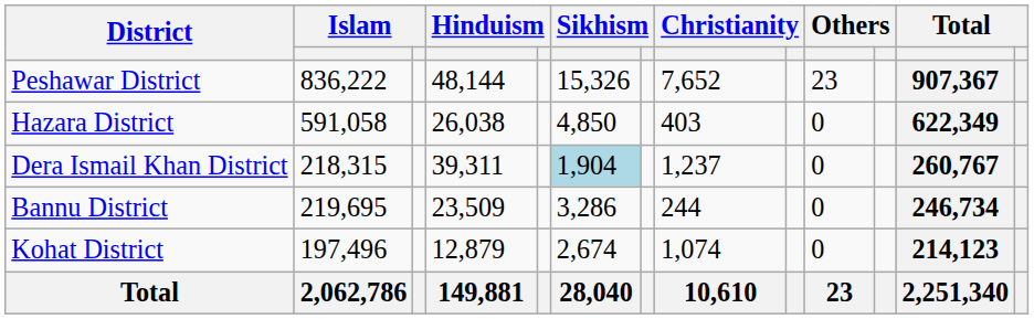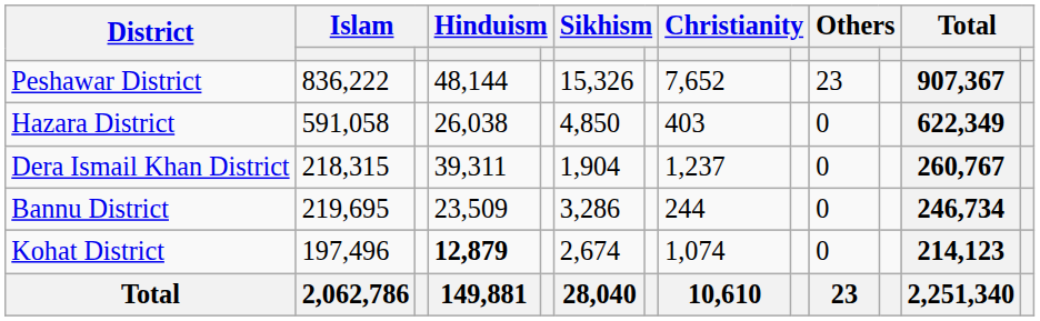 <table class="wikitable sortable">
 <tr>
 <th rowspan="2"><a href='#'>District</a></th>
 <th colspan="2"><a href='#'>Islam</a> </th>
 <th colspan="2"><a href='#'>Hinduism</a> </th>
 <th colspan="2"><a href='#'>Sikhism</a> </th>
 <th colspan="2"><a href='#'>Christianity</a> </th>
 <th colspan="2">Others</th>
 <th colspan="2">Total</th>
 </tr>
 <tr>
 <th><a href='#'></a></th>
 <th></th>
 <th></th>
 <th></th>
 <th></th>
 <th></th>
 <th></th>
 <th></th>
 <th></th>
 <th></th>
 <th></th>
 <th></th>
 </tr>
 <tr>
 <td><a href='#'>Peshawar District</a></td>
 <td>836,222</td>
 <td></td>
 <td>48,144</td>
 <td></td>
 <td>15,326</td>
 <td></td>
 <td>7,652</td>
 <td></td>
 <td>23</td>
 <td></td>
 <th>907,367</th>
 <th></th>
 </tr>
 <tr>
 <td><a href='#'>Hazara District</a></td>
 <td>591,058</td>
 <td></td>
 <td>26,038</td>
 <td></td>
 <td>4,850</td>
 <td></td>
 <td>403</td>
 <td></td>
 <td>0</td>
 <td></td>
 <th>622,349</th>
 <th></th>
 </tr>
 <tr>
 <td><a href='#'>Dera Ismail Khan District</a></td>
 <td>218,315</td>
 <td></td>
 <td>39,311</td>
 <td></td>
-<td style="background: lightblue;">1,904</td>
+<td>1,904</td>
 <td></td>
 <td>1,237</td>
 <td></td>
 <td>0</td>
 <td></td>
 <th>260,767</th>
 <th></th>
 </tr>
 <tr>
 <td><a href='#'>Bannu District</a></td>
 <td>219,695</td>
 <td></td>
 <td>23,509</td>
 <td></td>
 <td>3,286</td>
 <td></td>
 <td>244</td>
 <td></td>
 <td>0</td>
 <td></td>
 <th>246,734</th>
 <th></th>
 </tr>
 <tr>
 <td><a href='#'>Kohat District</a></td>
 <td>197,496</td>
 <td></td>
-<td>12,879</td>
+<td><strong>12,879</strong></td>
 <td></td>
 <td>2,674</td>
 <td></td>
 <td>1,074</td>
 <td></td>
 <td>0</td>
 <td></td>
 <th>214,123</th>
 <th></th>
 </tr>
 <tr>
 <th>Total</th>
 <th>2,062,786</th>
 <th></th>
 <th>149,881</th>
 <th></th>
 <th>28,040</th>
 <th></th>
 <th>10,610</th>
 <th></th>
 <th>23</th>
 <th></th>
 <th>2,251,340</th>
 <th></th>
 </tr>
 </table>
